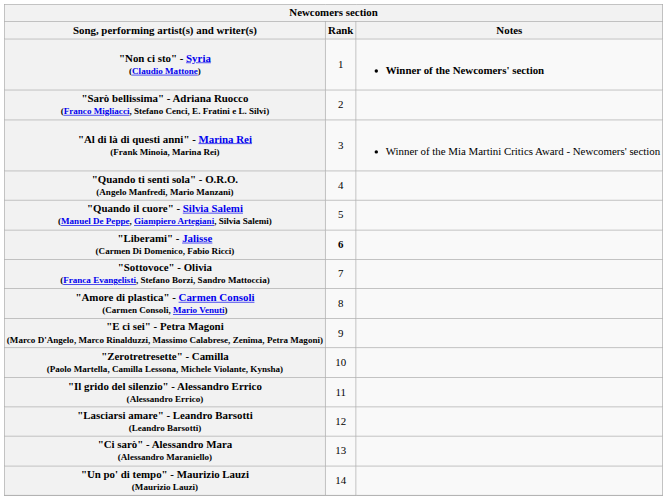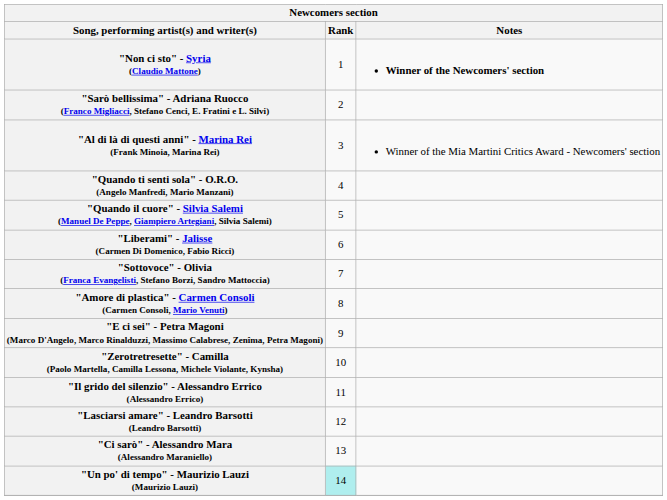 <table class="plainrowheaders wikitable">
 <tr>
 <th colspan="3">Newcomers section </th>
 </tr>
 <tr>
 <th>Song, performing artist(s) and writer(s)</th>
 <th>Rank</th>
 <th>Notes</th>
 </tr>
 <tr>
 <th scope="row">"Non ci sto" - <a href='#'>Syria</a>   <br><small> (<a href='#'>Claudio Mattone</a>)</small></th>
 <td style="text-align:center;">1</td>
 <td><strong><br><ul><li>Winner of the Newcomers' section</li></ul></strong></td>
 </tr>
 <tr>
 <th scope="row">"Sarò bellissima" - Adriana Ruocco <br><small> (<a href='#'>Franco Migliacci</a>, Stefano Cenci, E. Fratini e L. Silvi)</small></th>
 <td style="text-align:center;">2</td>
 <td></td>
 </tr>
 <tr>
 <th scope="row">"Al di là di questi anni" -  <a href='#'>Marina Rei</a> <br><small> (Frank Minoia, Marina Rei)</small></th>
 <td style="text-align:center;">3</td>
 <td><br><ul><li>Winner of the Mia Martini Critics Award - Newcomers' section</li></ul></td>
 </tr>
 <tr>
 <th scope="row">"Quando ti senti sola" -  O.R.O. <br><small> (Angelo Manfredi, Mario Manzani)</small></th>
 <td style="text-align:center;">4</td>
 <td></td>
 </tr>
 <tr>
 <th scope="row">"Quando il cuore" -  <a href='#'>Silvia Salemi</a> <br><small> (<a href='#'>Manuel De Peppe</a>, <a href='#'>Giampiero Artegiani</a>, Silvia Salemi)</small></th>
 <td style="text-align:center;">5</td>
 <td></td>
 </tr>
 <tr>
 <th scope="row">"Liberami" -  <a href='#'>Jalisse</a>  <br><small> (Carmen Di Domenico, Fabio Ricci)</small></th>
-<td style="text-align:center;"><strong>6</strong></td>
+<td style="text-align:center;">6</td>
 <td></td>
 </tr>
 <tr>
 <th scope="row">"Sottovoce" -  Olivia <br><small> (<a href='#'>Franca Evangelisti</a>, Stefano Borzi, Sandro Mattoccia)</small></th>
 <td style="text-align:center;">7</td>
 <td></td>
 </tr>
 <tr>
 <th scope="row">"Amore di plastica" -  <a href='#'>Carmen Consoli</a> <br><small> (Carmen Consoli, <a href='#'>Mario Venuti</a>)</small></th>
 <td style="text-align:center;">8</td>
 <td></td>
 </tr>
 <tr>
 <th scope="row">"E ci sei" -  Petra Magoni <br><small> (Marco D'Angelo, Marco Rinalduzzi, Massimo Calabrese, Zenîma, Petra Magoni)</small></th>
 <td style="text-align:center;">9</td>
 <td></td>
 </tr>
 <tr>
 <th scope="row">"Zerotretresette" -  Camilla <br><small> (Paolo Martella, Camilla Lessona, Michele Violante, Kynsha)</small></th>
 <td style="text-align:center;">10</td>
 <td></td>
 </tr>
 <tr>
 <th scope="row">"Il grido del silenzio" -  Alessandro Errico <br><small> (Alessandro Errico)</small></th>
 <td style="text-align:center;">11</td>
 <td></td>
 </tr>
 <tr>
 <th scope="row">"Lasciarsi amare" -  Leandro Barsotti <br><small> (Leandro Barsotti)</small></th>
 <td style="text-align:center;">12</td>
 <td></td>
 </tr>
 <tr>
 <th scope="row">"Ci sarò" -  Alessandro Mara <br><small> (Alessandro Maraniello)</small></th>
 <td style="text-align:center;">13</td>
 <td></td>
 </tr>
 <tr>
 <th scope="row">"Un po' di tempo" -  Maurizio Lauzi  <br><small> (Maurizio Lauzi)</small></th>
-<td style="text-align:center;">14</td>
+<td style="background: paleturquoise; text-align:center;">14</td>
 <td></td>
 </tr>
 <tr>
 </tr>
 </table>
